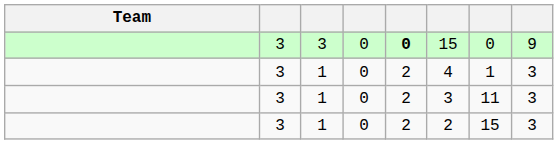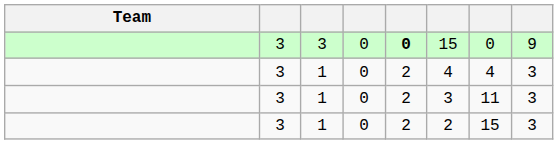 <table class="wikitable" style="text-align: center; font-size: 90%;">
 <tr>
 <th width=180>Team</th>
 <th width=25></th>
 <th width=25></th>
 <th width=25></th>
 <th width=25></th>
 <th width=25></th>
 <th width=25></th>
 <th width=25></th>
 </tr>
 <tr bgcolor=#ccffcc>
 <td align=left></td>
 <td>3</td>
 <td>3</td>
 <td>0</td>
 <td><strong>0</strong></td>
 <td>15</td>
 <td>0</td>
 <td>9</td>
 </tr>
 <tr>
 <td align=left></td>
 <td>3</td>
 <td>1</td>
 <td>0</td>
 <td>2</td>
 <td>4</td>
-<td>1</td>
+<td>4</td>
 <td>3</td>
 </tr>
 <tr>
 <td align=left></td>
 <td>3</td>
 <td>1</td>
 <td>0</td>
 <td>2</td>
 <td>3</td>
 <td>11</td>
 <td>3</td>
 </tr>
 <tr>
 <td align=left></td>
 <td>3</td>
 <td>1</td>
 <td>0</td>
 <td>2</td>
 <td>2</td>
 <td>15</td>
 <td>3</td>
 </tr>
 </table>
